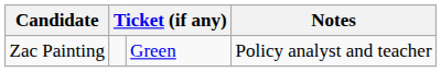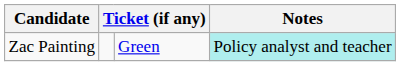 <table class="wikitable" style="font-size: 95%">
 <tr>
 <th>Candidate</th>
 <th colspan="2"><a href='#'>Ticket</a> (if any)</th>
 <th>Notes</th>
 </tr>
 <tr>
 <td>Zac Painting</td>
 <td style="background-color:"></td>
 <td><a href='#'>Green</a></td>
-<td>Policy analyst and teacher</td>
+<td style="background: paleturquoise;">Policy analyst and teacher</td>
 </tr>
 <tr>
 </tr>
 </table>
